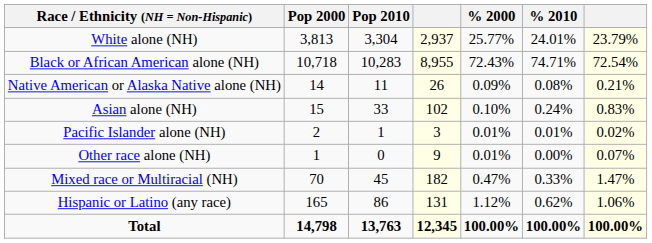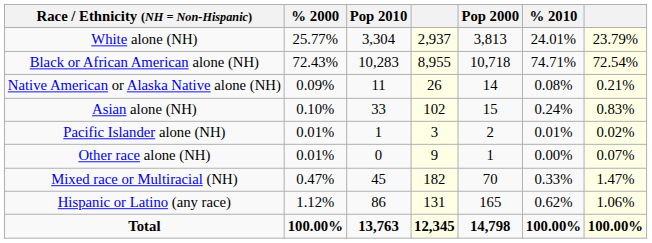 <table class="wikitable" style="text-align:center;">
 <tr>
 <th>Race / Ethnicity <small>(<em>NH = Non-Hispanic</em>)</small></th>
-<th>Pop 2000</th>
+<th>% 2000</th>
 <th>Pop 2010</th>
 <th></th>
-<th>% 2000</th>
+<th>Pop 2000</th>
 <th>% 2010</th>
 <th></th>
 </tr>
 <tr>
 <td><a href='#'>White</a> alone (NH)</td>
-<td>3,813</td>
+<td>25.77%</td>
 <td>3,304</td>
 <td style='background: #ffffe6;'>2,937</td>
-<td>25.77%</td>
+<td>3,813</td>
 <td>24.01%</td>
 <td style='background: #ffffe6;'>23.79%</td>
 </tr>
 <tr>
 <td><a href='#'>Black or African American</a> alone (NH)</td>
-<td>10,718</td>
+<td>72.43%</td>
 <td>10,283</td>
 <td style='background: #ffffe6;'>8,955</td>
-<td>72.43%</td>
+<td>10,718</td>
 <td>74.71%</td>
 <td style='background: #ffffe6;'>72.54%</td>
 </tr>
 <tr>
 <td><a href='#'>Native American</a> or <a href='#'>Alaska Native</a> alone (NH)</td>
-<td>14</td>
+<td>0.09%</td>
 <td>11</td>
 <td style='background: #ffffe6;'>26</td>
-<td>0.09%</td>
+<td>14</td>
 <td>0.08%</td>
 <td style='background: #ffffe6;'>0.21%</td>
 </tr>
 <tr>
 <td><a href='#'>Asian</a> alone (NH)</td>
-<td>15</td>
+<td>0.10%</td>
 <td>33</td>
 <td style='background: #ffffe6;'>102</td>
-<td>0.10%</td>
+<td>15</td>
 <td>0.24%</td>
 <td style='background: #ffffe6;'>0.83%</td>
 </tr>
 <tr>
 <td><a href='#'>Pacific Islander</a> alone (NH)</td>
-<td>2</td>
+<td>0.01%</td>
 <td>1</td>
 <td style='background: #ffffe6;'>3</td>
-<td>0.01%</td>
+<td>2</td>
 <td>0.01%</td>
 <td style='background: #ffffe6;'>0.02%</td>
 </tr>
 <tr>
 <td><a href='#'>Other race</a> alone (NH)</td>
-<td>1</td>
+<td>0.01%</td>
 <td>0</td>
 <td style='background: #ffffe6;'>9</td>
-<td>0.01%</td>
+<td>1</td>
 <td>0.00%</td>
 <td style='background: #ffffe6;'>0.07%</td>
 </tr>
 <tr>
 <td><a href='#'>Mixed race or Multiracial</a> (NH)</td>
-<td>70</td>
+<td>0.47%</td>
 <td>45</td>
 <td style='background: #ffffe6;'>182</td>
-<td>0.47%</td>
+<td>70</td>
 <td>0.33%</td>
 <td style='background: #ffffe6;'>1.47%</td>
 </tr>
 <tr>
 <td><a href='#'>Hispanic or Latino</a> (any race)</td>
-<td>165</td>
+<td>1.12%</td>
 <td>86</td>
 <td style='background: #ffffe6;'>131</td>
-<td>1.12%</td>
+<td>165</td>
 <td>0.62%</td>
 <td style='background: #ffffe6;'>1.06%</td>
 </tr>
 <tr>
 <td><strong>Total</strong></td>
-<td><strong>14,798</strong></td>
+<td><strong>100.00%</strong></td>
 <td><strong>13,763</strong></td>
 <td style='background: #ffffe6;'><strong>12,345</strong></td>
-<td><strong>100.00%</strong></td>
+<td><strong>14,798</strong></td>
 <td><strong>100.00%</strong></td>
 <td style='background: #ffffe6;'><strong>100.00%</strong></td>
 </tr>
 </table>
